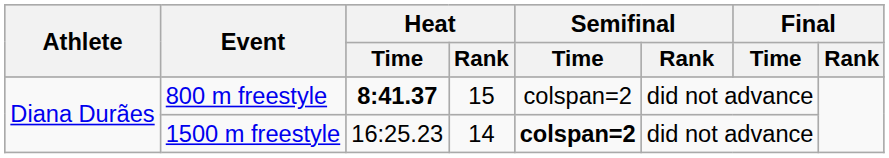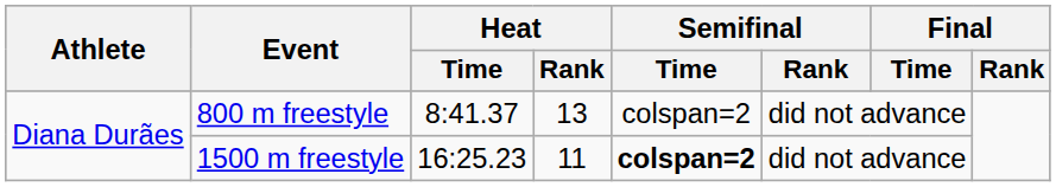 <table class=wikitable style="font-size:90%">
 <tr>
 <th rowspan="2">Athlete</th>
 <th rowspan="2">Event</th>
 <th colspan="2">Heat</th>
 <th colspan="2">Semifinal</th>
 <th colspan="2">Final</th>
 </tr>
 <tr style="font-size:95%">
 <th>Time</th>
 <th>Rank</th>
 <th>Time</th>
 <th>Rank</th>
 <th>Time</th>
 <th>Rank</th>
 </tr>
 <tr style="text-align:center">
 <td style="text-align:left" rowspan=2><a href='#'>Diana Durães</a></td>
 <td style="text-align:left"><a href='#'>800 m freestyle</a></td>
-<td><strong>8:41.37</strong></td>
-<td>15</td>
+<td>8:41.37</td>
+<td>13</td>
 <td>colspan=2</td>
 <td colspan=2>did not advance</td>
 </tr>
 <tr style="text-align:center">
 <td style="text-align:left"><a href='#'>1500 m freestyle</a></td>
 <td>16:25.23</td>
-<td>14</td>
+<td>11</td>
 <td><strong>colspan=2</strong></td>
 <td colspan=2>did not advance</td>
 </tr>
 </table>
